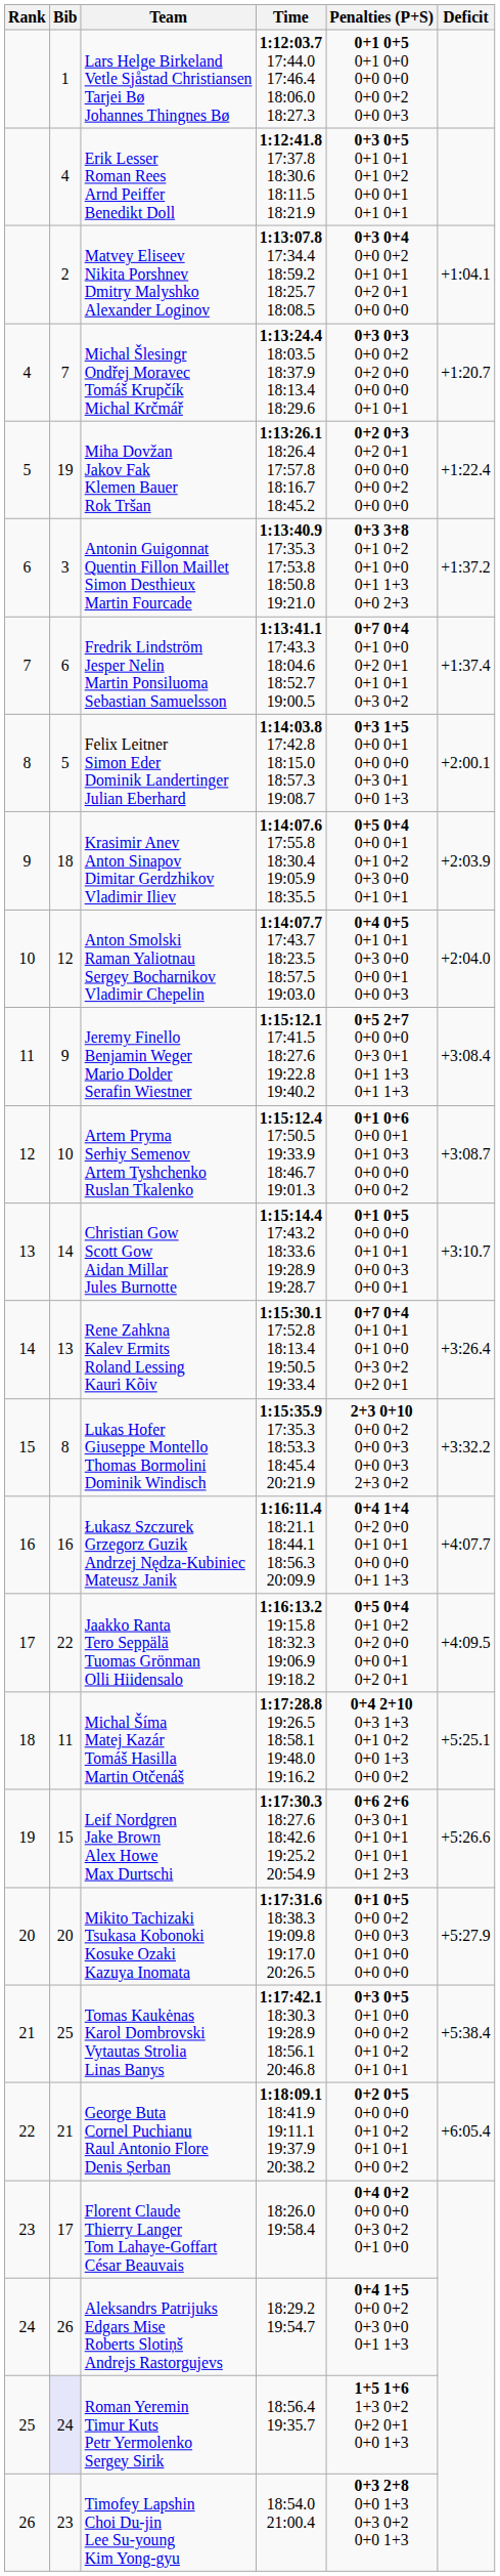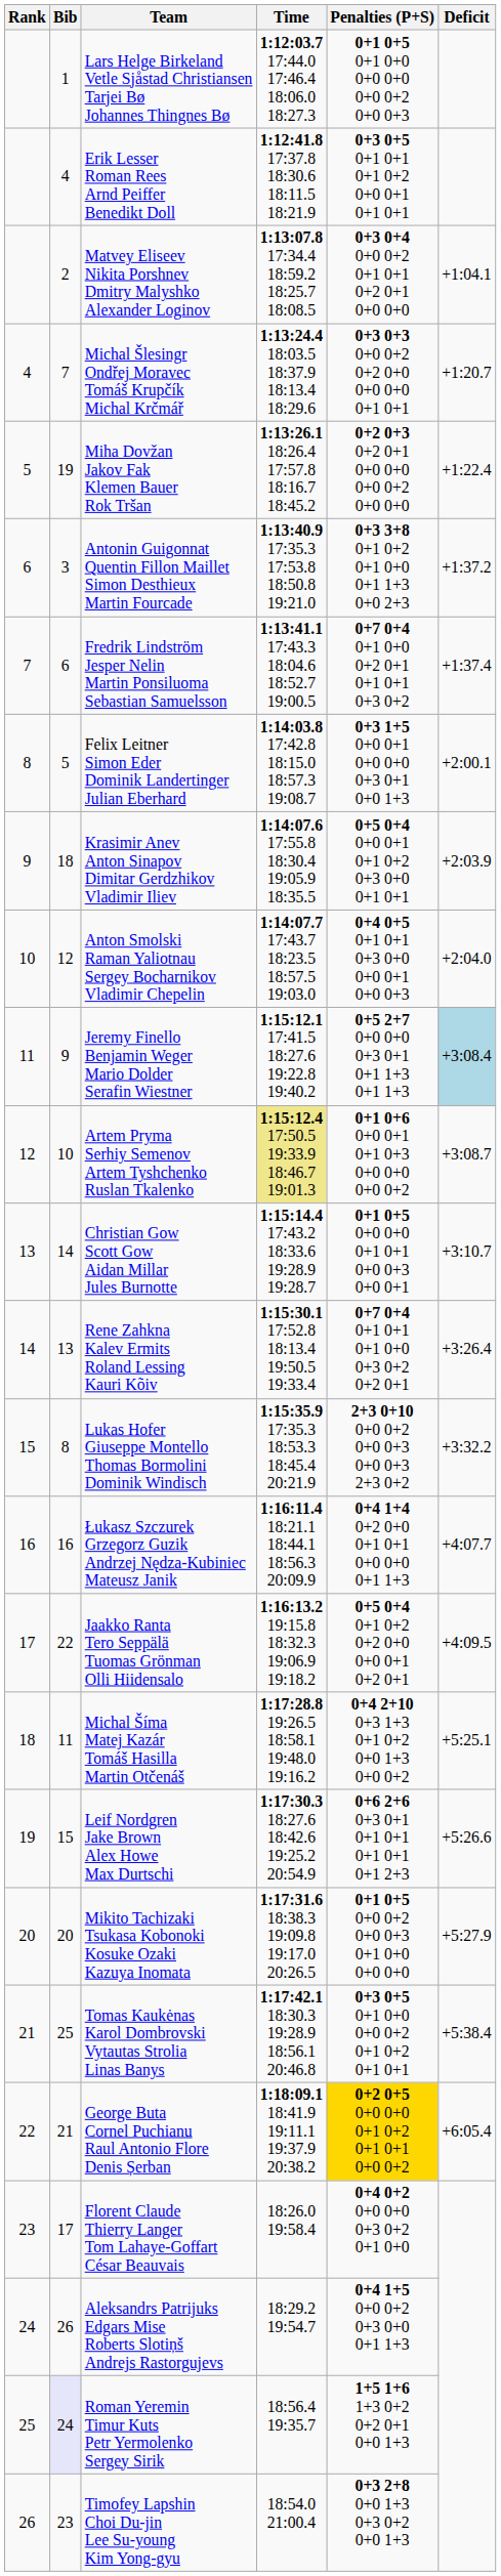 <table class="wikitable sortable" style="text-align:center">
 <tr>
 <th data-sort-type=number>Rank</th>
 <th>Bib</th>
 <th>Team</th>
 <th>Time</th>
 <th>Penalties (P+S)</th>
 <th>Deficit</th>
 </tr>
 <tr>
 <td></td>
 <td>1</td>
 <td align=left><br><a href='#'>Lars Helge Birkeland</a><br><a href='#'>Vetle Sjåstad Christiansen</a><br><a href='#'>Tarjei Bø</a><br><a href='#'>Johannes Thingnes Bø</a></td>
 <td><strong>1:12:03.7</strong><br>17:44.0<br>17:46.4<br>18:06.0<br>18:27.3</td>
 <td><strong>0+1 0+5</strong><br>0+1 0+0<br>0+0 0+0<br>0+0 0+2<br>0+0 0+3</td>
 <td></td>
 </tr>
 <tr>
 <td></td>
 <td>4</td>
 <td align=left><br><a href='#'>Erik Lesser</a><br><a href='#'>Roman Rees</a><br><a href='#'>Arnd Peiffer</a><br><a href='#'>Benedikt Doll</a></td>
 <td><strong>1:12:41.8</strong><br>17:37.8<br>18:30.6<br>18:11.5<br>18:21.9</td>
 <td><strong>0+3 0+5</strong><br>0+1 0+1<br>0+1 0+2<br>0+0 0+1<br>0+1 0+1</td>
 <td></td>
 </tr>
 <tr>
 <td></td>
 <td>2</td>
 <td align=left><br><a href='#'>Matvey Eliseev</a><br><a href='#'>Nikita Porshnev</a><br><a href='#'>Dmitry Malyshko</a><br><a href='#'>Alexander Loginov</a></td>
 <td><strong>1:13:07.8</strong><br>17:34.4<br>18:59.2<br>18:25.7<br>18:08.5</td>
 <td><strong>0+3 0+4</strong><br>0+0 0+2<br>0+1 0+1<br>0+2 0+1<br>0+0 0+0</td>
 <td>+1:04.1</td>
 </tr>
 <tr>
 <td>4</td>
 <td>7</td>
 <td align=left><br><a href='#'>Michal Šlesingr</a><br><a href='#'>Ondřej Moravec</a><br><a href='#'>Tomáš Krupčík</a><br><a href='#'>Michal Krčmář</a></td>
 <td><strong>1:13:24.4</strong><br>18:03.5<br>18:37.9<br>18:13.4<br>18:29.6</td>
 <td><strong>0+3 0+3</strong><br>0+0 0+2<br>0+2 0+0<br>0+0 0+0<br>0+1 0+1</td>
 <td>+1:20.7</td>
 </tr>
 <tr>
 <td>5</td>
 <td>19</td>
 <td align=left><br><a href='#'>Miha Dovžan</a><br><a href='#'>Jakov Fak</a><br><a href='#'>Klemen Bauer</a><br><a href='#'>Rok Tršan</a></td>
 <td><strong>1:13:26.1</strong><br>18:26.4<br>17:57.8<br>18:16.7<br>18:45.2</td>
 <td><strong>0+2 0+3</strong><br>0+2 0+1<br>0+0 0+0<br>0+0 0+2<br>0+0 0+0</td>
 <td>+1:22.4</td>
 </tr>
 <tr>
 <td>6</td>
 <td>3</td>
 <td align=left><br><a href='#'>Antonin Guigonnat</a><br><a href='#'>Quentin Fillon Maillet</a><br><a href='#'>Simon Desthieux</a><br><a href='#'>Martin Fourcade</a></td>
 <td><strong>1:13:40.9</strong><br>17:35.3<br>17:53.8<br>18:50.8<br>19:21.0</td>
 <td><strong>0+3 3+8</strong><br>0+1 0+2<br>0+1 0+0<br>0+1 1+3<br>0+0 2+3</td>
 <td>+1:37.2</td>
 </tr>
 <tr>
 <td>7</td>
 <td>6</td>
 <td align=left><br><a href='#'>Fredrik Lindström</a><br><a href='#'>Jesper Nelin</a><br><a href='#'>Martin Ponsiluoma</a><br><a href='#'>Sebastian Samuelsson</a></td>
 <td><strong>1:13:41.1</strong><br>17:43.3<br>18:04.6<br>18:52.7<br>19:00.5</td>
 <td><strong>0+7 0+4</strong><br>0+1 0+0<br>0+2 0+1<br>0+1 0+1<br>0+3 0+2</td>
 <td>+1:37.4</td>
 </tr>
 <tr>
 <td>8</td>
 <td>5</td>
 <td align=left><br>Felix Leitner<br><a href='#'>Simon Eder</a><br><a href='#'>Dominik Landertinger</a><br><a href='#'>Julian Eberhard</a></td>
 <td><strong>1:14:03.8</strong><br>17:42.8<br>18:15.0<br>18:57.3<br>19:08.7</td>
 <td><strong>0+3 1+5</strong><br>0+0 0+1<br>0+0 0+0<br>0+3 0+1<br>0+0 1+3</td>
 <td>+2:00.1</td>
 </tr>
 <tr>
 <td>9</td>
 <td>18</td>
 <td align=left><br><a href='#'>Krasimir Anev</a><br><a href='#'>Anton Sinapov</a><br><a href='#'>Dimitar Gerdzhikov</a><br><a href='#'>Vladimir Iliev</a></td>
 <td><strong>1:14:07.6</strong><br>17:55.8<br>18:30.4<br>19:05.9<br>18:35.5</td>
 <td><strong>0+5 0+4</strong><br>0+0 0+1<br>0+1 0+2<br>0+3 0+0<br>0+1 0+1</td>
 <td>+2:03.9</td>
 </tr>
 <tr>
 <td>10</td>
 <td>12</td>
 <td align=left><br><a href='#'>Anton Smolski</a><br><a href='#'>Raman Yaliotnau</a><br><a href='#'>Sergey Bocharnikov</a><br><a href='#'>Vladimir Chepelin</a></td>
 <td><strong>1:14:07.7</strong><br>17:43.7<br>18:23.5<br>18:57.5<br>19:03.0</td>
 <td><strong>0+4 0+5</strong><br>0+1 0+1<br>0+3 0+0<br>0+0 0+1<br>0+0 0+3</td>
 <td>+2:04.0</td>
 </tr>
 <tr>
 <td>11</td>
 <td>9</td>
 <td align=left><br><a href='#'>Jeremy Finello</a><br><a href='#'>Benjamin Weger</a><br><a href='#'>Mario Dolder</a><br><a href='#'>Serafin Wiestner</a></td>
 <td><strong>1:15:12.1</strong><br>17:41.5<br>18:27.6<br>19:22.8<br>19:40.2</td>
 <td><strong>0+5 2+7</strong><br>0+0 0+0<br>0+3 0+1<br>0+1 1+3<br>0+1 1+3</td>
-<td>+3:08.4</td>
+<td style="background: lightblue;">+3:08.4</td>
 </tr>
 <tr>
 <td>12</td>
 <td>10</td>
 <td align=left><br><a href='#'>Artem Pryma</a><br><a href='#'>Serhiy Semenov</a><br><a href='#'>Artem Tyshchenko</a><br><a href='#'>Ruslan Tkalenko</a></td>
-<td><strong>1:15:12.4</strong><br>17:50.5<br>19:33.9<br>18:46.7<br>19:01.3</td>
+<td style="background: khaki;"><strong>1:15:12.4</strong><br>17:50.5<br>19:33.9<br>18:46.7<br>19:01.3</td>
 <td><strong>0+1 0+6</strong><br>0+0 0+1<br>0+1 0+3<br>0+0 0+0<br>0+0 0+2</td>
 <td>+3:08.7</td>
 </tr>
 <tr>
 <td>13</td>
 <td>14</td>
 <td align=left><br><a href='#'>Christian Gow</a><br><a href='#'>Scott Gow</a><br><a href='#'>Aidan Millar</a><br><a href='#'>Jules Burnotte</a></td>
 <td><strong>1:15:14.4</strong><br>17:43.2<br>18:33.6<br>19:28.9<br>19:28.7</td>
 <td><strong>0+1 0+5</strong><br>0+0 0+0<br>0+1 0+1<br>0+0 0+3<br>0+0 0+1</td>
 <td>+3:10.7</td>
 </tr>
 <tr>
 <td>14</td>
 <td>13</td>
 <td align=left><br><a href='#'>Rene Zahkna</a><br><a href='#'>Kalev Ermits</a><br><a href='#'>Roland Lessing</a><br><a href='#'>Kauri Kõiv</a></td>
 <td><strong>1:15:30.1</strong><br>17:52.8<br>18:13.4<br>19:50.5<br>19:33.4</td>
 <td><strong>0+7 0+4</strong><br>0+1 0+1<br>0+1 0+0<br>0+3 0+2<br>0+2 0+1</td>
 <td>+3:26.4</td>
 </tr>
 <tr>
 <td>15</td>
 <td>8</td>
 <td align=left><br><a href='#'>Lukas Hofer</a><br><a href='#'>Giuseppe Montello</a><br><a href='#'>Thomas Bormolini</a><br><a href='#'>Dominik Windisch</a></td>
 <td><strong>1:15:35.9</strong><br>17:35.3<br>18:53.3<br>18:45.4<br>20:21.9</td>
 <td><strong>2+3 0+10</strong><br>0+0 0+2<br>0+0 0+3<br>0+0 0+3<br>2+3 0+2</td>
 <td>+3:32.2</td>
 </tr>
 <tr>
 <td>16</td>
 <td>16</td>
 <td align=left><br><a href='#'>Łukasz Szczurek</a><br><a href='#'>Grzegorz Guzik</a><br><a href='#'>Andrzej Nędza-Kubiniec</a><br><a href='#'>Mateusz Janik</a></td>
 <td><strong>1:16:11.4</strong><br>18:21.1<br>18:44.1<br>18:56.3<br>20:09.9</td>
 <td><strong>0+4 1+4</strong><br>0+2 0+0<br>0+1 0+1<br>0+0 0+0<br>0+1 1+3</td>
 <td>+4:07.7</td>
 </tr>
 <tr>
 <td>17</td>
 <td>22</td>
 <td align=left><br><a href='#'>Jaakko Ranta</a><br><a href='#'>Tero Seppälä</a><br><a href='#'>Tuomas Grönman</a><br><a href='#'>Olli Hiidensalo</a></td>
 <td><strong>1:16:13.2</strong><br>19:15.8<br>18:32.3<br>19:06.9<br>19:18.2</td>
 <td><strong>0+5 0+4</strong><br>0+1 0+2<br>0+2 0+0<br>0+0 0+1<br>0+2 0+1</td>
 <td>+4:09.5</td>
 </tr>
 <tr>
 <td>18</td>
 <td>11</td>
 <td align=left><br><a href='#'>Michal Šíma</a><br><a href='#'>Matej Kazár</a><br><a href='#'>Tomáš Hasilla</a><br><a href='#'>Martin Otčenáš</a></td>
 <td><strong>1:17:28.8</strong><br>19:26.5<br>18:58.1<br>19:48.0<br>19:16.2</td>
 <td><strong>0+4 2+10</strong><br>0+3 1+3<br>0+1 0+2<br>0+0 1+3<br>0+0 0+2</td>
 <td>+5:25.1</td>
 </tr>
 <tr>
 <td>19</td>
 <td>15</td>
 <td align=left><br><a href='#'>Leif Nordgren</a><br><a href='#'>Jake Brown</a><br><a href='#'>Alex Howe</a><br><a href='#'>Max Durtschi</a></td>
 <td><strong>1:17:30.3</strong><br>18:27.6<br>18:42.6<br>19:25.2<br>20:54.9</td>
 <td><strong>0+6 2+6</strong><br>0+3 0+1<br>0+1 0+1<br>0+1 0+1<br>0+1 2+3</td>
 <td>+5:26.6</td>
 </tr>
 <tr>
 <td>20</td>
 <td>20</td>
 <td align=left><br><a href='#'>Mikito Tachizaki</a><br><a href='#'>Tsukasa Kobonoki</a><br><a href='#'>Kosuke Ozaki</a><br><a href='#'>Kazuya Inomata</a></td>
 <td><strong>1:17:31.6</strong><br>18:38.3<br>19:09.8<br>19:17.0<br>20:26.5</td>
 <td><strong>0+1 0+5</strong><br>0+0 0+2<br>0+0 0+3<br>0+1 0+0<br>0+0 0+0</td>
 <td>+5:27.9</td>
 </tr>
 <tr>
 <td>21</td>
 <td>25</td>
 <td align=left><br><a href='#'>Tomas Kaukėnas</a><br><a href='#'>Karol Dombrovski</a><br><a href='#'>Vytautas Strolia</a><br><a href='#'>Linas Banys</a></td>
 <td><strong>1:17:42.1</strong><br>18:30.3<br>19:28.9<br>18:56.1<br>20:46.8</td>
 <td><strong>0+3 0+5</strong><br>0+1 0+0<br>0+0 0+2<br>0+1 0+2<br>0+1 0+1</td>
 <td>+5:38.4</td>
 </tr>
 <tr>
 <td>22</td>
 <td>21</td>
 <td align=left><br><a href='#'>George Buta</a><br><a href='#'>Cornel Puchianu</a><br><a href='#'>Raul Antonio Flore</a><br><a href='#'>Denis Șerban</a></td>
 <td><strong>1:18:09.1</strong><br>18:41.9<br>19:11.1<br>19:37.9<br>20:38.2</td>
-<td><strong>0+2 0+5</strong><br>0+0 0+0<br>0+1 0+2<br>0+1 0+1<br>0+0 0+2</td>
+<td style="background: gold;"><strong>0+2 0+5</strong><br>0+0 0+0<br>0+1 0+2<br>0+1 0+1<br>0+0 0+2</td>
 <td>+6:05.4</td>
 </tr>
 <tr>
 <td>23</td>
 <td>17</td>
 <td align=left><br><a href='#'>Florent Claude</a><br><a href='#'>Thierry Langer</a><br><a href='#'>Tom Lahaye-Goffart</a><br><a href='#'>César Beauvais</a></td>
 <td valign=top><strong></strong><br>18:26.0<br>19:58.4</td>
 <td valign=top><strong>0+4 0+2</strong><br>0+0 0+0<br>0+3 0+2<br>0+1 0+0</td>
 <td rowspan=4></td>
 </tr>
 <tr>
 <td>24</td>
 <td>26</td>
 <td align=left><br><a href='#'>Aleksandrs Patrijuks</a><br><a href='#'>Edgars Mise</a><br><a href='#'>Roberts Slotiņš</a><br><a href='#'>Andrejs Rastorgujevs</a></td>
 <td valign=top><strong></strong><br>18:29.2<br>19:54.7</td>
 <td valign=top><strong>0+4 1+5</strong><br>0+0 0+2<br>0+3 0+0<br>0+1 1+3</td>
 </tr>
 <tr>
 <td>25</td>
 <td style="background: lavender;">24</td>
 <td align=left><br><a href='#'>Roman Yeremin</a><br><a href='#'>Timur Kuts</a><br><a href='#'>Petr Yermolenko</a><br><a href='#'>Sergey Sirik</a></td>
 <td valign=top><strong></strong><br>18:56.4<br>19:35.7</td>
 <td valign=top><strong>1+5 1+6</strong><br>1+3 0+2<br>0+2 0+1<br>0+0 1+3</td>
 </tr>
 <tr>
 <td>26</td>
 <td>23</td>
 <td align=left><br><a href='#'>Timofey Lapshin</a><br><a href='#'>Choi Du-jin</a><br><a href='#'>Lee Su-young</a><br><a href='#'>Kim Yong-gyu</a></td>
 <td valign=top><strong></strong><br>18:54.0<br>21:00.4</td>
 <td valign=top><strong>0+3 2+8</strong><br>0+0 1+3<br>0+3 0+2<br>0+0 1+3</td>
 </tr>
 </table>
